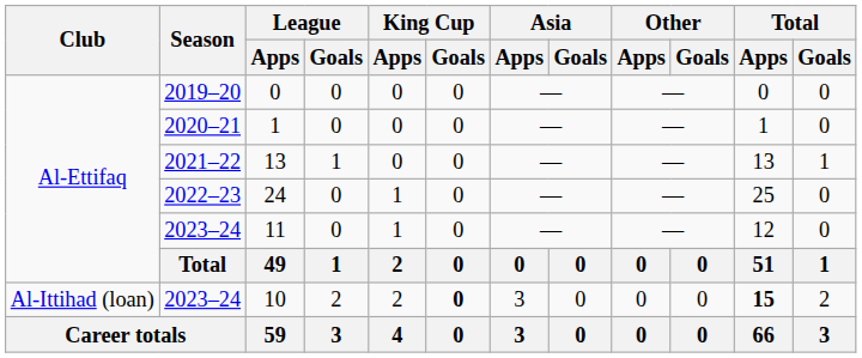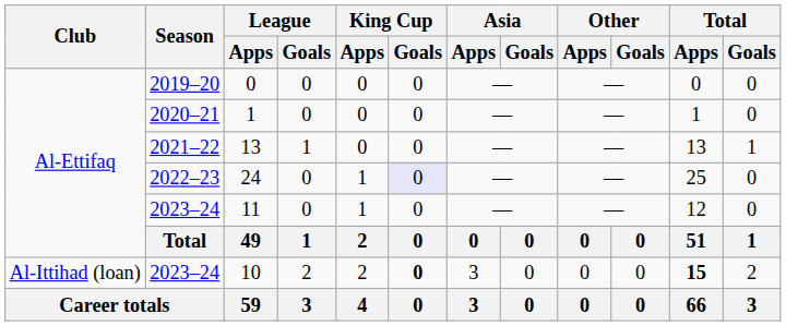 <table class="wikitable" style="text-align: center">
 <tr>
 <th rowspan=2>Club</th>
 <th rowspan=2>Season</th>
 <th colspan=2>League</th>
 <th colspan=2>King Cup</th>
 <th colspan=2>Asia</th>
 <th colspan=2>Other</th>
 <th colspan=2>Total</th>
 </tr>
 <tr>
 <th>Apps</th>
 <th>Goals</th>
 <th>Apps</th>
 <th>Goals</th>
 <th>Apps</th>
 <th>Goals</th>
 <th>Apps</th>
 <th>Goals</th>
 <th>Apps</th>
 <th>Goals</th>
 </tr>
 <tr>
 <td rowspan=6><a href='#'>Al-Ettifaq</a></td>
 <td><a href='#'>2019–20</a></td>
 <td>0</td>
 <td>0</td>
 <td>0</td>
 <td>0</td>
 <td colspan=2>—</td>
 <td colspan=2>—</td>
 <td>0</td>
 <td>0</td>
 </tr>
 <tr>
 <td><a href='#'>2020–21</a></td>
 <td>1</td>
 <td>0</td>
 <td>0</td>
 <td>0</td>
 <td colspan=2>—</td>
 <td colspan=2>—</td>
 <td>1</td>
 <td>0</td>
 </tr>
 <tr>
 <td><a href='#'>2021–22</a></td>
 <td>13</td>
 <td>1</td>
 <td>0</td>
 <td>0</td>
 <td colspan=2>—</td>
 <td colspan=2>—</td>
 <td>13</td>
 <td>1</td>
 </tr>
 <tr>
 <td><a href='#'>2022–23</a></td>
 <td>24</td>
 <td>0</td>
 <td>1</td>
-<td>0</td>
+<td style="background: lavender;">0</td>
 <td colspan=2>—</td>
 <td colspan=2>—</td>
 <td>25</td>
 <td>0</td>
 </tr>
 <tr>
 <td><a href='#'>2023–24</a></td>
 <td>11</td>
 <td>0</td>
 <td>1</td>
 <td>0</td>
 <td colspan=2>—</td>
 <td colspan=2>—</td>
 <td>12</td>
 <td>0</td>
 </tr>
 <tr>
 <th>Total</th>
 <th>49</th>
 <th>1</th>
 <th>2</th>
 <th>0</th>
 <th>0</th>
 <th>0</th>
 <th>0</th>
 <th>0</th>
 <th>51</th>
 <th>1</th>
 </tr>
 <tr>
 <td rowspan=1><a href='#'>Al-Ittihad</a> (loan)</td>
 <td><a href='#'>2023–24</a></td>
 <td>10</td>
 <td>2</td>
 <td>2</td>
 <td><strong>0</strong></td>
 <td>3</td>
 <td>0</td>
 <td>0</td>
 <td>0</td>
 <td><strong>15</strong></td>
 <td>2</td>
 </tr>
 <tr>
 <th colspan=2>Career totals</th>
 <th>59</th>
 <th>3</th>
 <th>4</th>
 <th>0</th>
 <th>3</th>
 <th>0</th>
 <th>0</th>
 <th>0</th>
 <th>66</th>
 <th>3</th>
 </tr>
 </table>
